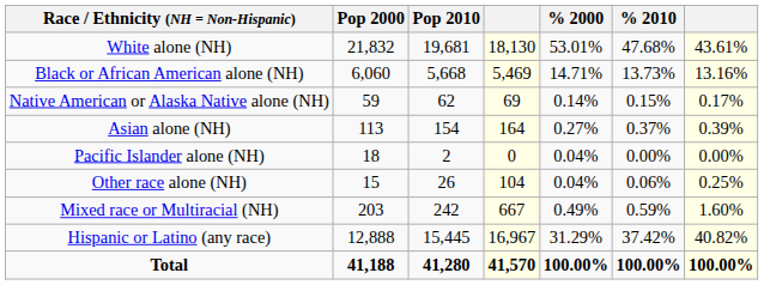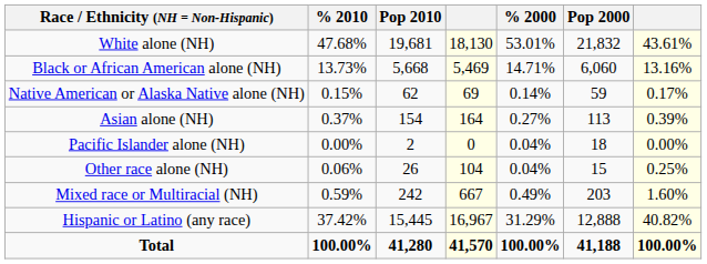 <table class="wikitable" style="text-align:center;">
 <tr>
 <th>Race / Ethnicity <small>(<em>NH = Non-Hispanic</em>)</small></th>
-<th>Pop 2000</th>
+<th>% 2010</th>
 <th>Pop 2010</th>
 <th></th>
 <th>% 2000</th>
-<th>% 2010</th>
+<th>Pop 2000</th>
 <th></th>
 </tr>
 <tr>
 <td><a href='#'>White</a> alone (NH)</td>
-<td>21,832</td>
+<td>47.68%</td>
 <td>19,681</td>
 <td style='background: #ffffe6;'>18,130</td>
 <td>53.01%</td>
-<td>47.68%</td>
+<td>21,832</td>
 <td style='background: #ffffe6;'>43.61%</td>
 </tr>
 <tr>
 <td><a href='#'>Black or African American</a> alone (NH)</td>
-<td>6,060</td>
+<td>13.73%</td>
 <td>5,668</td>
 <td style='background: #ffffe6;'>5,469</td>
 <td>14.71%</td>
-<td>13.73%</td>
+<td>6,060</td>
 <td style='background: #ffffe6;'>13.16%</td>
 </tr>
 <tr>
 <td><a href='#'>Native American</a> or <a href='#'>Alaska Native</a> alone (NH)</td>
-<td>59</td>
+<td>0.15%</td>
 <td>62</td>
 <td style='background: #ffffe6;'>69</td>
 <td>0.14%</td>
-<td>0.15%</td>
+<td>59</td>
 <td style='background: #ffffe6;'>0.17%</td>
 </tr>
 <tr>
 <td><a href='#'>Asian</a> alone (NH)</td>
-<td>113</td>
+<td>0.37%</td>
 <td>154</td>
 <td style='background: #ffffe6;'>164</td>
 <td>0.27%</td>
-<td>0.37%</td>
+<td>113</td>
 <td style='background: #ffffe6;'>0.39%</td>
 </tr>
 <tr>
 <td><a href='#'>Pacific Islander</a> alone (NH)</td>
-<td>18</td>
+<td>0.00%</td>
 <td>2</td>
 <td style='background: #ffffe6;'>0</td>
 <td>0.04%</td>
-<td>0.00%</td>
+<td>18</td>
 <td style='background: #ffffe6;'>0.00%</td>
 </tr>
 <tr>
 <td><a href='#'>Other race</a> alone (NH)</td>
-<td>15</td>
+<td>0.06%</td>
 <td>26</td>
 <td style='background: #ffffe6;'>104</td>
 <td>0.04%</td>
-<td>0.06%</td>
+<td>15</td>
 <td style='background: #ffffe6;'>0.25%</td>
 </tr>
 <tr>
 <td><a href='#'>Mixed race or Multiracial</a> (NH)</td>
-<td>203</td>
+<td>0.59%</td>
 <td>242</td>
 <td style='background: #ffffe6;'>667</td>
 <td>0.49%</td>
-<td>0.59%</td>
+<td>203</td>
 <td style='background: #ffffe6;'>1.60%</td>
 </tr>
 <tr>
 <td><a href='#'>Hispanic or Latino</a> (any race)</td>
-<td>12,888</td>
+<td>37.42%</td>
 <td>15,445</td>
 <td style='background: #ffffe6;'>16,967</td>
 <td>31.29%</td>
-<td>37.42%</td>
+<td>12,888</td>
 <td style='background: #ffffe6;'>40.82%</td>
 </tr>
 <tr>
 <td><strong>Total</strong></td>
-<td><strong>41,188</strong></td>
+<td><strong>100.00%</strong></td>
 <td><strong>41,280</strong></td>
 <td style='background: #ffffe6;'><strong>41,570</strong></td>
 <td><strong>100.00%</strong></td>
-<td><strong>100.00%</strong></td>
+<td><strong>41,188</strong></td>
 <td style='background: #ffffe6;'><strong>100.00%</strong></td>
 </tr>
 </table>
